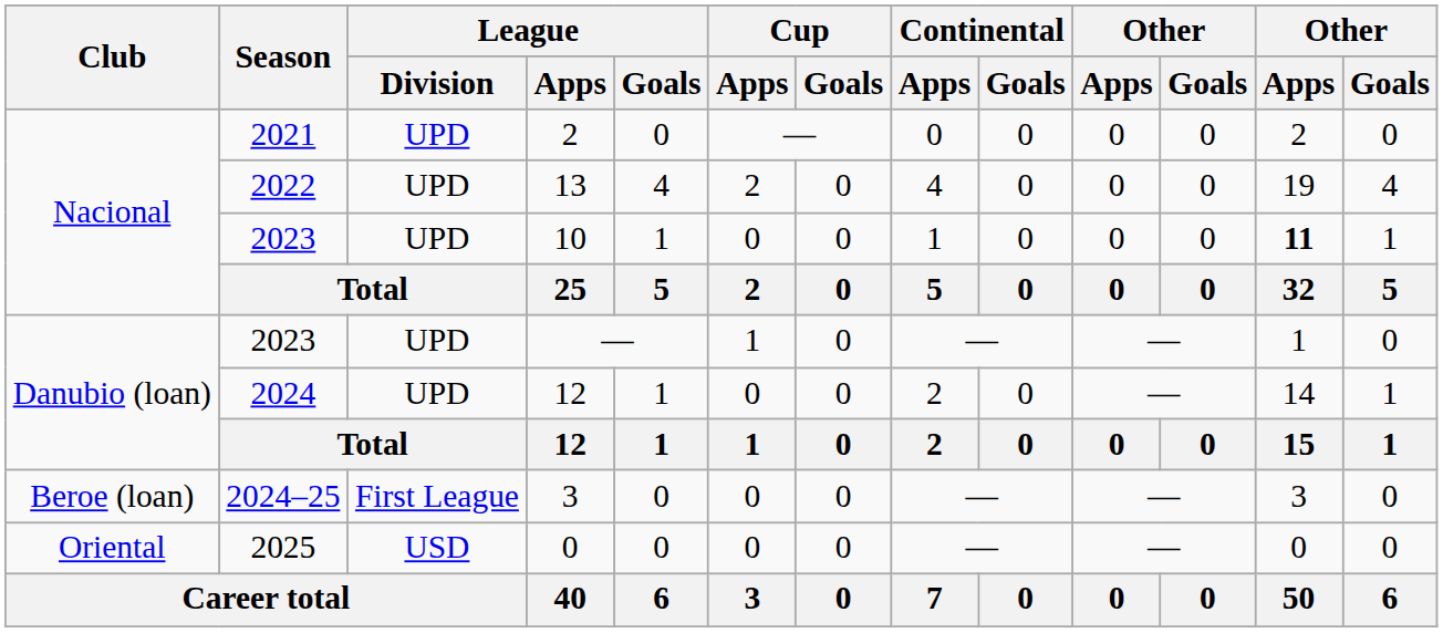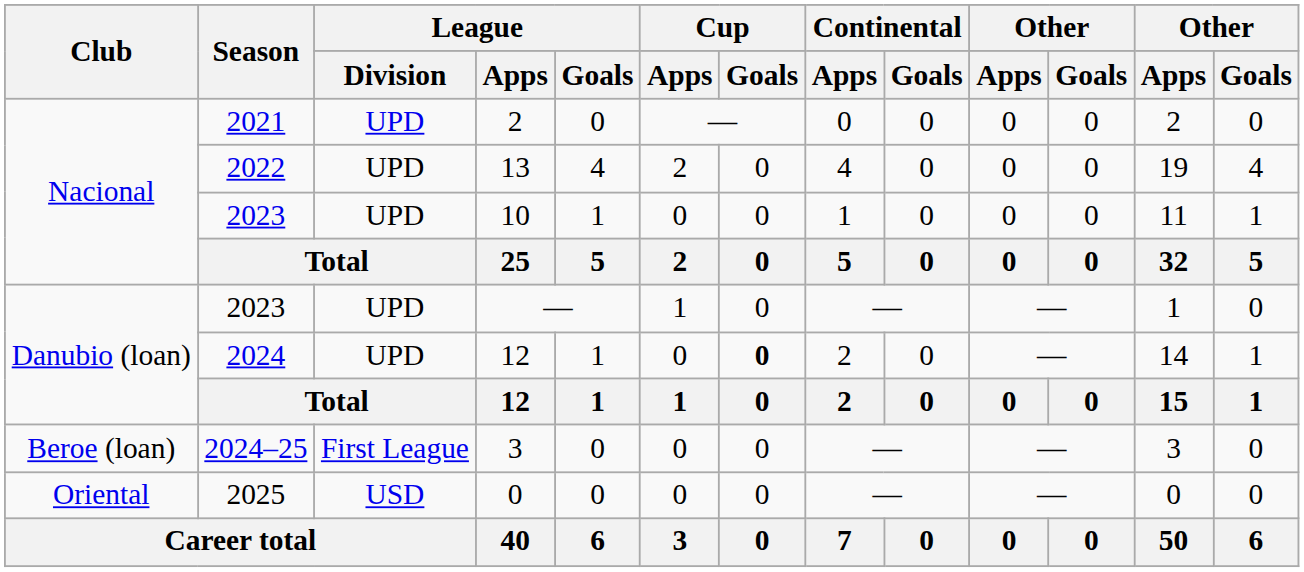 <table class="wikitable" Style="text-align: center">
 <tr>
 <th rowspan="2">Club</th>
 <th rowspan="2">Season</th>
 <th colspan="3">League</th>
 <th colspan="2">Cup</th>
 <th colspan="2">Continental</th>
 <th colspan="2">Other</th>
 <th colspan="2">Other</th>
 </tr>
 <tr>
 <th>Division</th>
 <th>Apps</th>
 <th>Goals</th>
 <th>Apps</th>
 <th>Goals</th>
 <th>Apps</th>
 <th>Goals</th>
 <th>Apps</th>
 <th>Goals</th>
 <th>Apps</th>
 <th>Goals</th>
 </tr>
 <tr>
 <td rowspan="4"><a href='#'>Nacional</a></td>
 <td><a href='#'>2021</a></td>
 <td><a href='#'>UPD</a></td>
 <td>2</td>
 <td>0</td>
 <td colspan="2">—</td>
 <td>0</td>
 <td>0</td>
 <td>0</td>
 <td>0</td>
 <td>2</td>
 <td>0</td>
 </tr>
 <tr>
 <td><a href='#'>2022</a></td>
 <td>UPD</td>
 <td>13</td>
 <td>4</td>
 <td>2</td>
 <td>0</td>
 <td>4</td>
 <td>0</td>
 <td>0</td>
 <td>0</td>
 <td>19</td>
 <td>4</td>
 </tr>
 <tr>
 <td><a href='#'>2023</a></td>
 <td>UPD</td>
 <td>10</td>
 <td>1</td>
 <td>0</td>
 <td>0</td>
 <td>1</td>
 <td>0</td>
 <td>0</td>
 <td>0</td>
-<td><strong>11</strong></td>
+<td>11</td>
 <td>1</td>
 </tr>
 <tr>
 <th colspan="2">Total</th>
 <th>25</th>
 <th>5</th>
 <th>2</th>
 <th>0</th>
 <th>5</th>
 <th>0</th>
 <th>0</th>
 <th>0</th>
 <th>32</th>
 <th>5</th>
 </tr>
 <tr>
 <td rowspan="3"><a href='#'>Danubio</a> (loan)</td>
 <td>2023</td>
 <td>UPD</td>
 <td colspan="2">—</td>
 <td>1</td>
 <td>0</td>
 <td colspan="2">—</td>
 <td colspan="2">—</td>
 <td>1</td>
 <td>0</td>
 </tr>
 <tr>
 <td><a href='#'>2024</a></td>
 <td>UPD</td>
 <td>12</td>
 <td>1</td>
 <td>0</td>
-<td>0</td>
+<td><strong>0</strong></td>
 <td>2</td>
 <td>0</td>
 <td colspan="2">—</td>
 <td>14</td>
 <td>1</td>
 </tr>
 <tr>
 <th colspan="2">Total</th>
 <th>12</th>
 <th>1</th>
 <th>1</th>
 <th>0</th>
 <th>2</th>
 <th>0</th>
 <th>0</th>
 <th>0</th>
 <th>15</th>
 <th>1</th>
 </tr>
 <tr>
 <td><a href='#'>Beroe</a> (loan)</td>
 <td><a href='#'>2024–25</a></td>
 <td><a href='#'>First League</a></td>
 <td>3</td>
 <td>0</td>
 <td>0</td>
 <td>0</td>
 <td colspan="2">—</td>
 <td colspan="2">—</td>
 <td>3</td>
 <td>0</td>
 </tr>
 <tr>
 <td><a href='#'>Oriental</a></td>
 <td>2025</td>
 <td><a href='#'>USD</a></td>
 <td>0</td>
 <td>0</td>
 <td>0</td>
 <td>0</td>
 <td colspan="2">—</td>
 <td colspan="2">—</td>
 <td>0</td>
 <td>0</td>
 </tr>
 <tr>
 <th colspan="3">Career total</th>
 <th>40</th>
 <th>6</th>
 <th>3</th>
 <th>0</th>
 <th>7</th>
 <th>0</th>
 <th>0</th>
 <th>0</th>
 <th>50</th>
 <th>6</th>
 </tr>
 </table>
